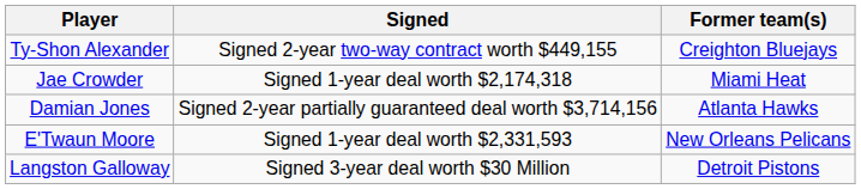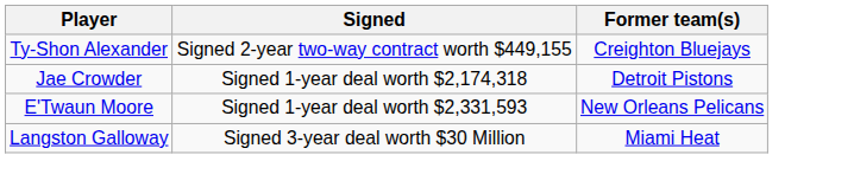 <table class="wikitable sortable sortable">
 <tr>
 <th>Player</th>
 <th>Signed</th>
 <th>Former team(s)</th>
 </tr>
 <tr style="text-align: center">
 <td><a href='#'>Ty-Shon Alexander</a></td>
 <td>Signed 2-year <a href='#'>two-way contract</a> worth $449,155</td>
 <td><a href='#'>Creighton Bluejays</a></td>
 </tr>
 <tr style="text-align: center">
 <td><a href='#'>Jae Crowder</a></td>
 <td>Signed 1-year deal worth $2,174,318</td>
-<td><a href='#'>Miami Heat</a></td>
-</tr>
-<tr style="text-align: center">
-<td><a href='#'>Damian Jones</a></td>
-<td>Signed 2-year partially guaranteed deal worth $3,714,156</td>
-<td><a href='#'>Atlanta Hawks</a></td>
+<td><a href='#'>Detroit Pistons</a></td>
 </tr>
 <tr style="text-align: center">
 <td><a href='#'>E'Twaun Moore</a></td>
 <td>Signed 1-year deal worth $2,331,593</td>
 <td><a href='#'>New Orleans Pelicans</a></td>
 </tr>
 <tr style="text-align: center">
 <td><a href='#'>Langston Galloway</a></td>
 <td>Signed 3-year deal worth $30 Million</td>
-<td><a href='#'>Detroit Pistons</a></td>
+<td><a href='#'>Miami Heat</a></td>
 </tr>
 </table>
